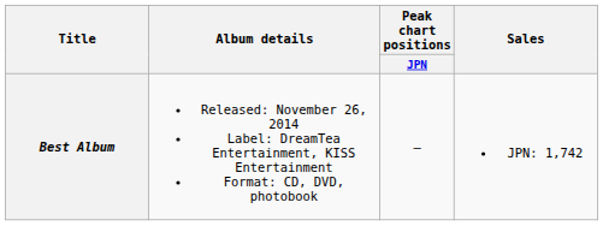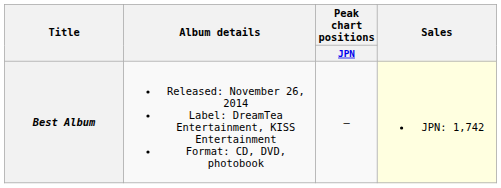 <table class="wikitable plainrowheaders" style="text-align:center;">
 <tr>
 <th scope="col" rowspan="2" style="width:11em;">Title</th>
 <th scope="col" rowspan="2" style="width:18em;">Album details</th>
 <th scope="col" colspan="1">Peak chart positions</th>
 <th scope="col"  rowspan="2" style="width:11em;">Sales</th>
 </tr>
 <tr>
 <th scope="col" style="width:3em;font-size:90%"><a href='#'>JPN</a><br></th>
 </tr>
 <tr>
 <th scope="row"><em>Best Album</em></th>
 <td><br><ul><li>Released: November 26, 2014</li><li>Label: DreamTea Entertainment, KISS Entertainment</li><li>Format: CD, DVD, photobook</li></ul></td>
 <td>—</td>
-<td><br><ul><li>JPN: 1,742</li></ul></td>
+<td style="background: lightyellow;"><br><ul><li>JPN: 1,742</li></ul></td>
 </tr>
 </table>
